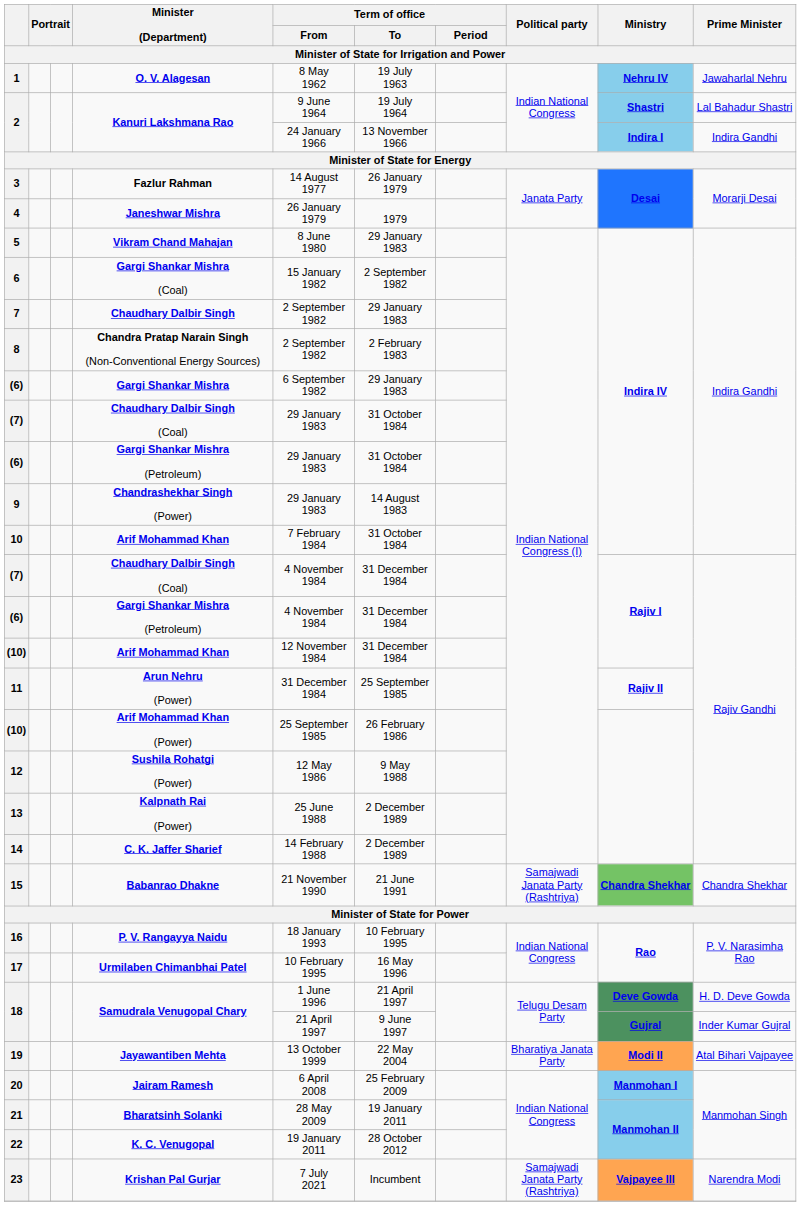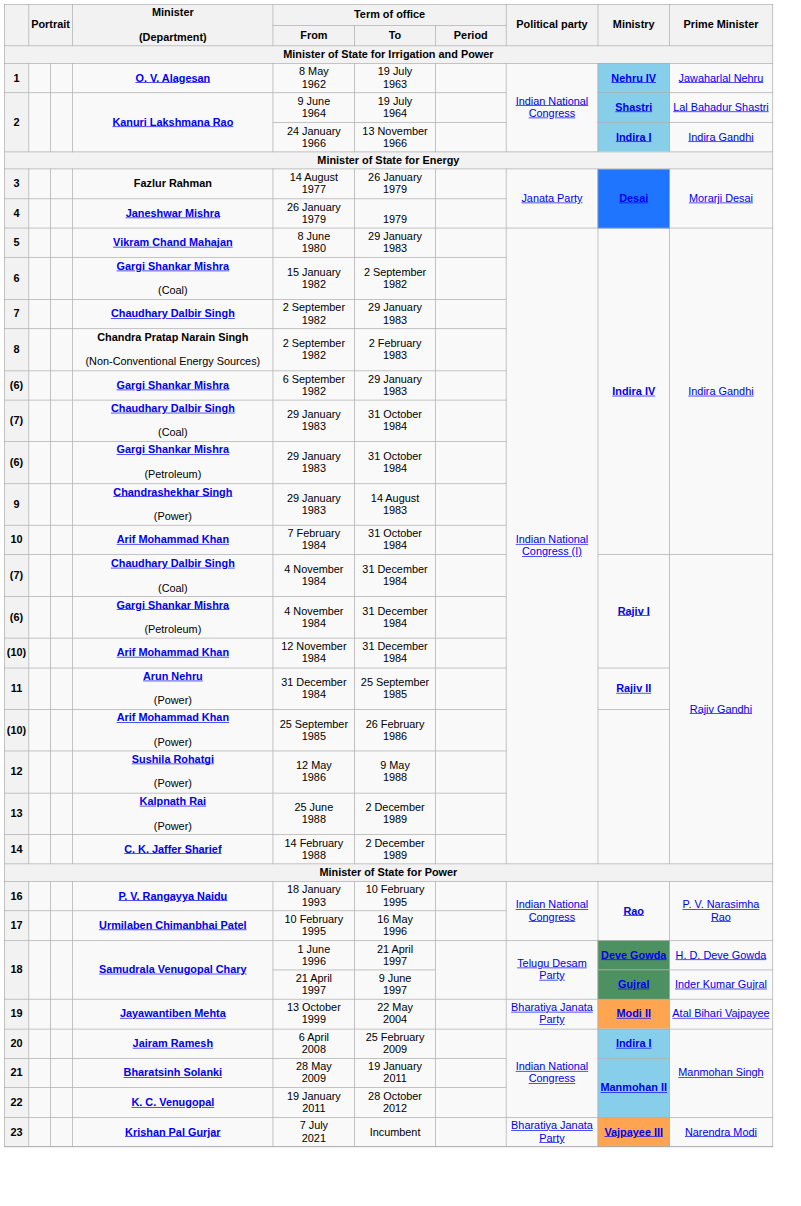 <table class="wikitable" style="text-align:center">
 <tr>
 <th rowspan="2"></th>
 <th rowspan="2" colspan="2">Portrait</th>
 <th rowspan="2" style="width:18em">Minister<br><br>(Department)</th>
 <th colspan="3">Term of office</th>
 <th rowspan="2" style="width:8em">Political party</th>
 <th rowspan="2">Ministry</th>
 <th rowspan="2" style="width:9em">Prime Minister</th>
 </tr>
 <tr>
 <th style="width:7em">From</th>
 <th style="width:7em">To</th>
 <th style="width:6em">Period</th>
 </tr>
 <tr>
 <th colspan="10">Minister of State for Irrigation and Power</th>
 </tr>
 <tr>
 <th>1</th>
 <td></td>
 <td></td>
 <td><strong><a href='#'>O. V. Alagesan</a></strong><br></td>
 <td>8 May<br>1962</td>
 <td>19 July<br>1963</td>
 <td><strong></strong></td>
 <td rowspan="3"><a href='#'>Indian National Congress</a></td>
 <td bgcolor="#87CEEB"><strong><a href='#'>Nehru IV</a></strong></td>
 <td><a href='#'>Jawaharlal Nehru</a></td>
 </tr>
 <tr>
 <th rowspan="2">2</th>
 <td rowspan="2"></td>
 <td rowspan="2"></td>
 <td rowspan="2"><strong><a href='#'>Kanuri Lakshmana Rao</a></strong><br></td>
 <td>9 June<br>1964</td>
 <td>19 July<br>1964</td>
 <td><strong></strong></td>
 <td bgcolor="#87CEEB"><strong><a href='#'>Shastri</a></strong></td>
 <td><a href='#'>Lal Bahadur Shastri</a></td>
 </tr>
 <tr>
 <td>24 January<br>1966</td>
 <td>13 November<br>1966</td>
 <td><strong></strong></td>
 <td bgcolor="#87CEEB"><strong><a href='#'>Indira I</a></strong></td>
 <td><a href='#'>Indira Gandhi</a></td>
 </tr>
 <tr>
 <th colspan="10">Minister of State for Energy</th>
 </tr>
 <tr>
 <th>3</th>
 <td></td>
 <td></td>
 <td><strong>Fazlur Rahman</strong><br></td>
 <td>14 August<br>1977</td>
 <td>26 January<br>1979</td>
 <td><strong></strong></td>
 <td rowspan="2"><a href='#'>Janata Party</a></td>
 <td rowspan="2" bgcolor="#1F75FE"><strong><a href='#'>Desai</a></strong></td>
 <td rowspan="2"><a href='#'>Morarji Desai</a></td>
 </tr>
 <tr>
 <th>4</th>
 <td></td>
 <td></td>
 <td><strong><a href='#'>Janeshwar Mishra</a></strong><br></td>
 <td>26 January<br>1979</td>
 <td><br>1979</td>
 <td><strong></strong></td>
 </tr>
 <tr>
 <th>5</th>
 <td></td>
 <td></td>
 <td><strong><a href='#'>Vikram Chand Mahajan</a></strong><br></td>
 <td>8 June<br>1980</td>
 <td>29 January<br>1983</td>
 <td><strong></strong></td>
 <td rowspan="17"><a href='#'>Indian National Congress (I)</a></td>
 <td rowspan="9"><strong><a href='#'>Indira IV</a></strong></td>
 <td rowspan="9"><a href='#'>Indira Gandhi</a></td>
 </tr>
 <tr>
 <th>6</th>
 <td></td>
 <td></td>
 <td><strong><a href='#'>Gargi Shankar Mishra</a></strong><br><br>(Coal)</td>
 <td>15 January<br>1982</td>
 <td>2 September<br>1982</td>
 <td><strong></strong></td>
 </tr>
 <tr>
 <th>7</th>
 <td></td>
 <td></td>
 <td><strong><a href='#'>Chaudhary Dalbir Singh</a></strong><br></td>
 <td>2 September<br>1982</td>
 <td>29 January<br>1983</td>
 <td><strong></strong></td>
 </tr>
 <tr>
 <th>8</th>
 <td></td>
 <td></td>
 <td><strong>Chandra Pratap Narain Singh</strong><br><br>(Non-Conventional Energy Sources)</td>
 <td>2 September<br>1982</td>
 <td>2 February<br>1983</td>
 <td><strong></strong></td>
 </tr>
 <tr>
 <th>(6)</th>
 <td></td>
 <td></td>
 <td><strong><a href='#'>Gargi Shankar Mishra</a></strong><br></td>
 <td>6 September<br>1982</td>
 <td>29 January<br>1983</td>
 <td><strong></strong></td>
 </tr>
 <tr>
 <th>(7)</th>
 <td></td>
 <td></td>
 <td><strong><a href='#'>Chaudhary Dalbir Singh</a></strong><br><br>(Coal)</td>
 <td>29 January<br>1983</td>
 <td>31 October<br>1984</td>
 <td><strong></strong></td>
 </tr>
 <tr>
 <th>(6)</th>
 <td></td>
 <td></td>
 <td><strong><a href='#'>Gargi Shankar Mishra</a></strong><br><br>(Petroleum)</td>
 <td>29 January<br>1983</td>
 <td>31 October<br>1984</td>
 <td><strong></strong></td>
 </tr>
 <tr>
 <th>9</th>
 <td></td>
 <td></td>
 <td><strong><a href='#'>Chandrashekhar Singh</a></strong><br><br>(Power)</td>
 <td>29 January<br>1983</td>
 <td>14 August<br>1983</td>
 <td><strong></strong></td>
 </tr>
 <tr>
 <th>10</th>
 <td></td>
 <td></td>
 <td><strong><a href='#'>Arif Mohammad Khan</a></strong><br></td>
 <td>7 February<br>1984</td>
 <td>31 October<br>1984</td>
 <td><strong></strong></td>
 </tr>
 <tr>
 <th>(7)</th>
 <td></td>
 <td></td>
 <td><strong><a href='#'>Chaudhary Dalbir Singh</a></strong><br><br>(Coal)</td>
 <td>4 November<br>1984</td>
 <td>31 December<br>1984</td>
 <td><strong></strong></td>
 <td rowspan="3"><strong><a href='#'>Rajiv I</a></strong></td>
 <td rowspan="8"><a href='#'>Rajiv Gandhi</a></td>
 </tr>
 <tr>
 <th>(6)</th>
 <td></td>
 <td></td>
 <td><strong><a href='#'>Gargi Shankar Mishra</a></strong><br><br>(Petroleum)</td>
 <td>4 November<br>1984</td>
 <td>31 December<br>1984</td>
 <td><strong></strong></td>
 </tr>
 <tr>
 <th>(10)</th>
 <td></td>
 <td></td>
 <td><strong><a href='#'>Arif Mohammad Khan</a></strong><br></td>
 <td>12 November<br>1984</td>
 <td>31 December<br>1984</td>
 <td><strong></strong></td>
 </tr>
 <tr>
 <th>11</th>
 <td></td>
 <td></td>
 <td><strong><a href='#'>Arun Nehru</a></strong><br><br>(Power)</td>
 <td>31 December<br>1984</td>
 <td>25 September<br>1985</td>
 <td><strong></strong></td>
 <td><a href='#'><strong>Rajiv II</strong></a></td>
 </tr>
 <tr>
 <th>(10)</th>
 <td></td>
 <td></td>
 <td><strong><a href='#'>Arif Mohammad Khan</a></strong><br><br>(Power)</td>
 <td>25 September<br>1985</td>
 <td>26 February<br>1986</td>
 <td><strong></strong></td>
 </tr>
 <tr>
 <th>12</th>
 <td></td>
 <td></td>
 <td><strong><a href='#'>Sushila Rohatgi</a></strong><br><br>(Power)</td>
 <td>12 May<br>1986</td>
 <td>9 May<br>1988</td>
 <td><strong></strong></td>
 </tr>
 <tr>
 <th>13</th>
 <td></td>
 <td></td>
 <td><strong><a href='#'>Kalpnath Rai</a></strong><br><br>(Power)</td>
 <td>25 June<br>1988</td>
 <td>2 December<br>1989</td>
 <td><strong></strong></td>
 </tr>
 <tr>
 <th>14</th>
 <td></td>
 <td></td>
 <td><strong><a href='#'>C. K. Jaffer Sharief</a></strong><br></td>
 <td>14 February<br>1988</td>
 <td>2 December<br>1989</td>
 <td><strong></strong></td>
 </tr>
 <tr>
-<th>15</th>
-<td></td>
-<td></td>
-<td><strong><a href='#'>Babanrao Dhakne</a></strong><br></td>
-<td>21 November<br>1990</td>
-<td>21 June<br>1991</td>
-<td><strong></strong></td>
-<td><a href='#'>Samajwadi Janata Party (Rashtriya)</a></td>
-<td style="background:#74C365"><strong><a href='#'>Chandra Shekhar</a></strong></td>
-<td><a href='#'>Chandra Shekhar</a></td>
-</tr>
-<tr>
 <th colspan="10">Minister of State for Power</th>
 </tr>
 <tr>
 <th>16</th>
 <td></td>
 <td></td>
 <td><strong><a href='#'>P. V. Rangayya Naidu</a></strong><br></td>
 <td>18 January<br>1993</td>
 <td>10 February<br>1995</td>
 <td><strong></strong></td>
 <td rowspan="2"><a href='#'>Indian National Congress</a></td>
 <td rowspan="2"><a href='#'><strong>Rao</strong></a></td>
 <td rowspan="2"><a href='#'>P. V. Narasimha Rao</a></td>
 </tr>
 <tr>
 <th>17</th>
 <td></td>
 <td></td>
 <td><strong><a href='#'>Urmilaben Chimanbhai Patel</a></strong><br></td>
 <td>10 February<br>1995</td>
 <td>16 May<br>1996</td>
 <td><strong></strong></td>
 </tr>
 <tr>
 <th rowspan="2">18</th>
 <td rowspan="2"></td>
 <td rowspan="2"></td>
 <td rowspan="2"><strong><a href='#'>Samudrala Venugopal Chary</a></strong><br></td>
 <td>1 June<br>1996</td>
 <td>21 April<br>1997</td>
 <td rowspan="2"><strong></strong></td>
 <td rowspan="2"><a href='#'>Telugu Desam Party</a></td>
 <td style="background:#4C915F"><strong><a href='#'>Deve Gowda</a></strong></td>
 <td><a href='#'>H. D. Deve Gowda</a></td>
 </tr>
 <tr>
 <td>21 April<br>1997</td>
 <td>9 June<br>1997</td>
 <td style="background:#4C915F"><strong><a href='#'>Gujral</a></strong></td>
 <td><a href='#'>Inder Kumar Gujral</a></td>
 </tr>
 <tr>
 <th>19</th>
 <td></td>
 <td></td>
 <td><strong><a href='#'>Jayawantiben Mehta</a></strong><br></td>
 <td>13 October<br>1999</td>
 <td>22 May<br>2004</td>
 <td><strong></strong></td>
 <td><a href='#'>Bharatiya Janata Party</a></td>
 <td style="background:#FFA551;"><strong><a href='#'>Modi II</a></strong></td>
 <td><a href='#'>Atal Bihari Vajpayee</a></td>
 </tr>
 <tr>
 <th>20</th>
 <td></td>
 <td></td>
 <td><strong><a href='#'>Jairam Ramesh</a></strong><br></td>
 <td>6 April<br>2008</td>
 <td>25 February<br>2009</td>
 <td><strong></strong></td>
 <td rowspan="3"><a href='#'>Indian National Congress</a></td>
-<td bgcolor="#87CEEB"><a href='#'><strong>Manmohan I</strong></a></td>
+<td bgcolor="#87CEEB"><strong><a href='#'>Indira I</a></strong></td>
 <td rowspan="3"><a href='#'>Manmohan Singh</a></td>
 </tr>
 <tr>
 <th>21</th>
 <td></td>
 <td></td>
 <td><strong><a href='#'>Bharatsinh Solanki</a></strong><br></td>
 <td>28 May<br>2009</td>
 <td>19 January<br>2011</td>
 <td><strong></strong></td>
 <td rowspan="2" bgcolor="#87CEEB"><a href='#'><strong>Manmohan II</strong></a></td>
 </tr>
 <tr>
 <th>22</th>
 <td></td>
 <td></td>
 <td><strong><a href='#'>K. C. Venugopal</a></strong><br></td>
 <td>19 January<br>2011</td>
 <td>28 October<br>2012</td>
 <td><strong></strong></td>
 </tr>
 <tr>
 <th>23</th>
 <td></td>
 <td></td>
 <td><strong><a href='#'>Krishan Pal Gurjar</a></strong><br></td>
 <td>7 July<br>2021</td>
 <td>Incumbent</td>
 <td><strong></strong></td>
-<td><a href='#'>Samajwadi Janata Party (Rashtriya)</a></td>
+<td><a href='#'>Bharatiya Janata Party</a></td>
 <td style="background:#FFA551;"><strong><a href='#'>Vajpayee III</a></strong></td>
 <td><a href='#'>Narendra Modi</a></td>
 </tr>
 <tr>
 </tr>
 </table>
